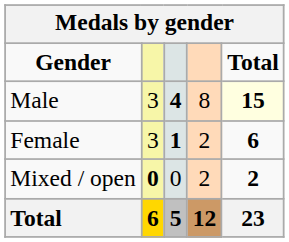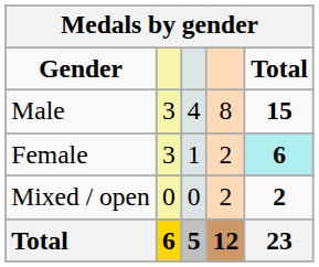 <table class="wikitable" style="font-size:85%;float:right;text-align:center">
 <tr style="background:#efefef;">
 <th colspan=7>Medals by gender</th>
 </tr>
 <tr>
 <td><strong>Gender</strong></td>
 <td bgcolor=#f7f6a8></td>
 <td bgcolor=#dce5e5></td>
 <td bgcolor=#ffdab9></td>
 <td><strong>Total</strong></td>
 </tr>
 <tr>
 <td style="text-align:left;">Male</td>
 <td style="background:#F7F6A8;">3</td>
-<td style="background:#DCE5E5;"><strong>4</strong></td>
+<td style="background:#DCE5E5;">4</td>
 <td style="background:#FFDAB9;">8</td>
-<td style="background: lightyellow;"><strong>15</strong></td>
+<td><strong>15</strong></td>
 </tr>
 <tr>
 <td style="text-align:left;">Female</td>
 <td style="background:#F7F6A8;">3</td>
-<td style="background:#DCE5E5;"><strong>1</strong></td>
+<td style="background:#DCE5E5;">1</td>
 <td style="background:#FFDAB9;">2</td>
-<td><strong>6</strong></td>
+<td style="background: paleturquoise;"><strong>6</strong></td>
 </tr>
 <tr>
 <td style="text-align:left;">Mixed / open</td>
-<td style="background:#F7F6A8;"><strong>0</strong></td>
+<td style="background:#F7F6A8;">0</td>
 <td style="background:#DCE5E5;">0</td>
 <td style="background:#FFDAB9;">2</td>
 <td><strong>2</strong></td>
 </tr>
 <tr>
 <th style="text-align:left;">Total</th>
 <th style="background:gold;">6</th>
 <th style="background:silver;">5</th>
 <th style="background:#c96;">12</th>
 <th>23</th>
 </tr>
 </table>
